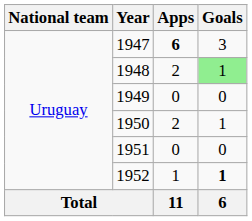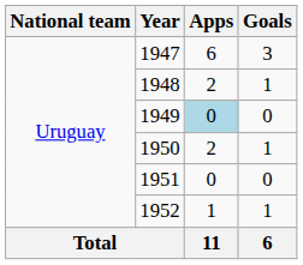 <table class="wikitable" style="text-align:center">
 <tr>
 <th>National team</th>
 <th>Year</th>
 <th>Apps</th>
 <th>Goals</th>
 </tr>
 <tr>
 <td rowspan="6"><a href='#'>Uruguay</a></td>
 <td>1947</td>
-<td><strong>6</strong></td>
+<td>6</td>
 <td>3</td>
 </tr>
 <tr>
 <td>1948</td>
 <td>2</td>
-<td style="background: lightgreen;">1</td>
+<td>1</td>
 </tr>
 <tr>
 <td>1949</td>
-<td>0</td>
+<td style="background: lightblue;">0</td>
 <td>0</td>
 </tr>
 <tr>
 <td>1950</td>
 <td>2</td>
 <td>1</td>
 </tr>
 <tr>
 <td>1951</td>
 <td>0</td>
 <td>0</td>
 </tr>
 <tr>
 <td>1952</td>
 <td>1</td>
-<td><strong>1</strong></td>
+<td>1</td>
 </tr>
 <tr>
 <th colspan="2">Total</th>
 <th>11</th>
 <th>6</th>
 </tr>
 </table>
